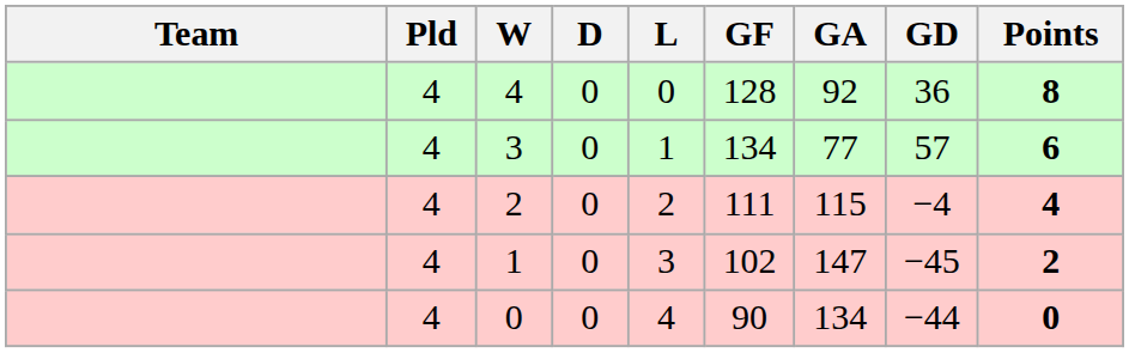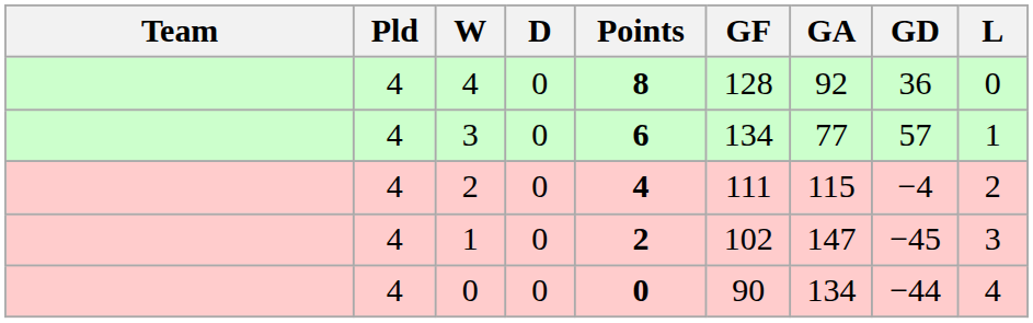 <table class=wikitable style="text-align:center" width=500>
 <tr>
 <th width=25%>Team</th>
 <th width=5%>Pld</th>
 <th width=5%>W</th>
 <th width=5%>D</th>
-<th width=5%>L</th>
+<th width=8%>Points</th>
 <th width=5%>GF</th>
 <th width=5%>GA</th>
 <th width=5%>GD</th>
-<th width=8%>Points</th>
+<th width=5%>L</th>
 </tr>
 <tr bgcolor="#ccffcc">
 <td align="left"></td>
 <td>4</td>
 <td>4</td>
 <td>0</td>
-<td>0</td>
+<td><strong>8</strong></td>
 <td>128</td>
 <td>92</td>
 <td>36</td>
-<td><strong>8</strong></td>
+<td>0</td>
 </tr>
 <tr bgcolor="#ccffcc">
 <td align="left"></td>
 <td>4</td>
 <td>3</td>
 <td>0</td>
-<td>1</td>
+<td><strong>6</strong></td>
 <td>134</td>
 <td>77</td>
 <td>57</td>
-<td><strong>6</strong></td>
+<td>1</td>
 </tr>
 <tr bgcolor="ffcccc">
 <td align="left"></td>
 <td>4</td>
 <td>2</td>
 <td>0</td>
-<td>2</td>
+<td><strong>4</strong></td>
 <td>111</td>
 <td>115</td>
 <td>−4</td>
-<td><strong>4</strong></td>
+<td>2</td>
 </tr>
 <tr bgcolor="ffcccc">
 <td align="left"></td>
 <td>4</td>
 <td>1</td>
 <td>0</td>
-<td>3</td>
+<td><strong>2</strong></td>
 <td>102</td>
 <td>147</td>
 <td>−45</td>
-<td><strong>2</strong></td>
+<td>3</td>
 </tr>
 <tr bgcolor="ffcccc">
 <td align="left"></td>
 <td>4</td>
 <td>0</td>
 <td>0</td>
-<td>4</td>
+<td><strong>0</strong></td>
 <td>90</td>
 <td>134</td>
 <td>−44</td>
-<td><strong>0</strong></td>
+<td>4</td>
 </tr>
 </table>
